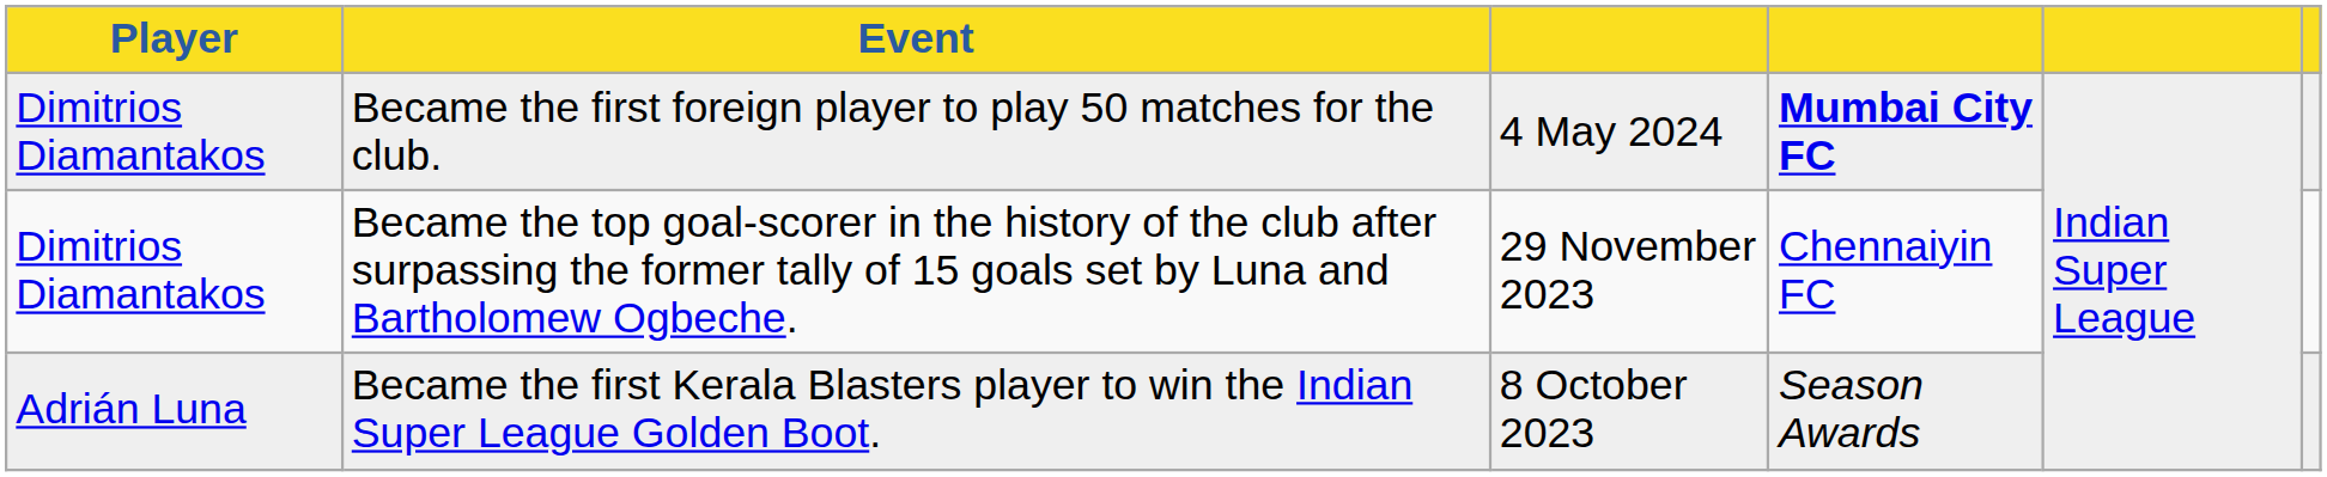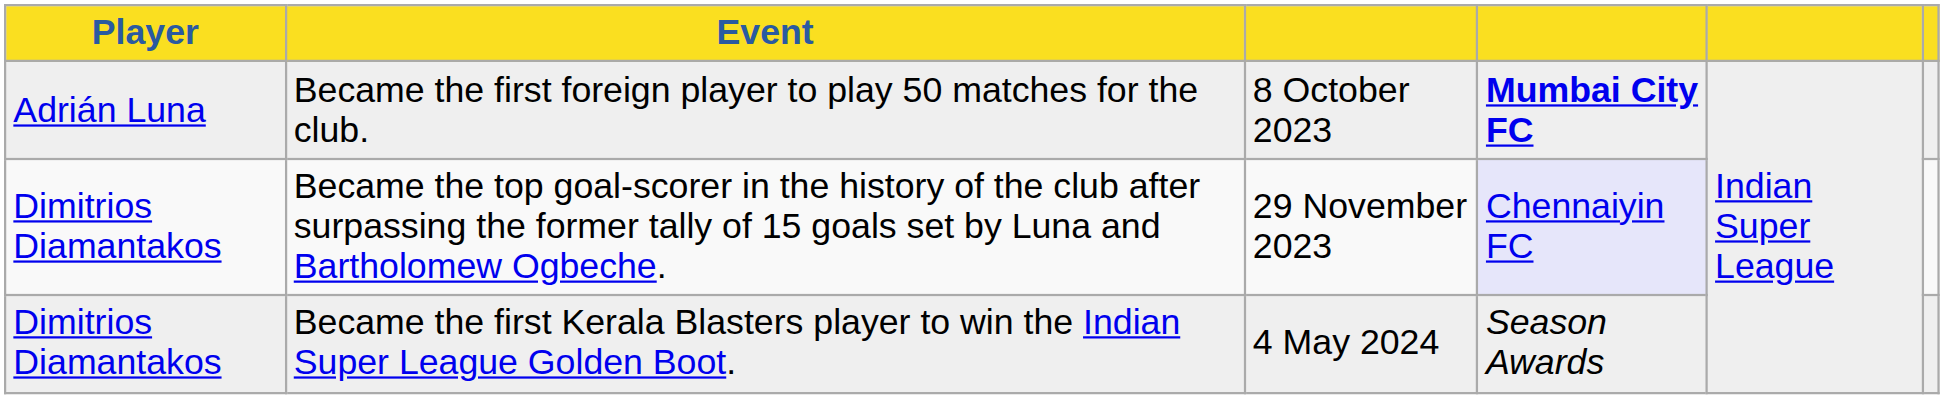 <table class="wikitable sortable" style="font-size: 100%; text-align: left;">
 <tr>
 <th style="background:#FADF20; color:#2A5AA1; text-align:center;">Player</th>
 <th style="background:#FADF20; color:#2A5AA1; text-align:center;">Event</th>
 <th style="background:#FADF20; color:#2A5AA1; text-align:center;"></th>
 <th style="background:#FADF20; color:#2A5AA1; text-align:center;"></th>
 <th style="background:#FADF20; color:#2A5AA1; text-align:center;"></th>
 <th style="background:#FADF20; color:#2A5AA1; text-align:center;"></th>
 </tr>
 <tr bgcolor="#EFEFEF">
-<td> <a href='#'>Dimitrios Diamantakos</a></td>
+<td> <a href='#'>Adrián Luna</a></td>
 <td>Became the first foreign player to play 50 matches for the club.</td>
-<td>4 May 2024</td>
+<td>8 October 2023</td>
 <td><strong><a href='#'>Mumbai City FC</a></strong></td>
 <td rowspan="3"><a href='#'>Indian Super League</a></td>
 <td></td>
 </tr>
 <tr>
 <td> <a href='#'>Dimitrios Diamantakos</a></td>
 <td>Became the top goal-scorer in the history of the club after surpassing the former tally of 15 goals set by Luna and <a href='#'>Bartholomew Ogbeche</a>.</td>
 <td>29 November 2023</td>
-<td><a href='#'>Chennaiyin FC</a></td>
+<td style="background: lavender;"><a href='#'>Chennaiyin FC</a></td>
 <td></td>
 </tr>
 <tr bgcolor="#EFEFEF">
-<td> <a href='#'>Adrián Luna</a></td>
+<td> <a href='#'>Dimitrios Diamantakos</a></td>
 <td>Became the first Kerala Blasters player to win the <a href='#'>Indian Super League Golden Boot</a>.</td>
-<td>8 October 2023</td>
+<td>4 May 2024</td>
 <td><em>Season Awards</em></td>
 <td></td>
 </tr>
 </table>
